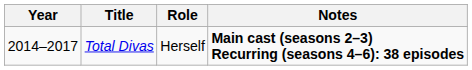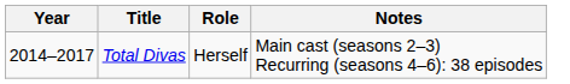 <table class="wikitable sortable">
 <tr>
 <th>Year</th>
 <th>Title</th>
 <th>Role</th>
 <th class="unsortable">Notes</th>
 </tr>
 <tr>
 <td>2014–2017</td>
 <td><em><a href='#'>Total Divas</a></em></td>
 <td>Herself</td>
-<td><strong>Main cast (seasons 2–3)<br>Recurring (seasons 4–6): 38 episodes</strong></td>
+<td>Main cast (seasons 2–3)<br>Recurring (seasons 4–6): 38 episodes</td>
 </tr>
 </table>
